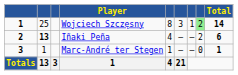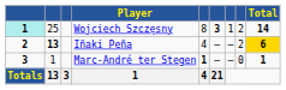 <table class="wikitable" style="text-align:center">
 <tr>
 <th style="background:#26559B;color:#FFF000;"></th>
 <th style="background:#26559B;color:#FFF000;"></th>
 <th style="background:#26559B;color:#FFF000;"></th>
 <th style="background:#26559B;color:#FFF000;">Player</th>
 <th style="background:#26559B;color:#FFF000;"></th>
 <th style="background:#26559B;color:#FFF000;"></th>
 <th style="background:#26559B;color:#FFF000;"></th>
 <th style="background:#26559B;color:#FFF000;"></th>
 <th style="background:#26559B;color:#FFF000;">Total</th>
 </tr>
 <tr>
-<td rowspan=1><strong>1</strong></td>
+<td rowspan=1 style="background: paleturquoise;"><strong>1</strong></td>
 <td>25</td>
 <td></td>
 <td style="text-align:left"><a href='#'>Wojciech Szczęsny</a></td>
 <td>8</td>
-<td>3</td>
+<td><strong>3</strong></td>
 <td>1</td>
-<td style="background: lightgreen;">2</td>
+<td>2</td>
 <td><strong>14</strong></td>
 </tr>
 <tr>
 <td rowspan=1><strong>2</strong></td>
 <td><strong>13</strong></td>
 <td></td>
 <td style="text-align:left"><a href='#'>Iñaki Peña</a></td>
 <td>4</td>
 <td>—</td>
 <td>—</td>
 <td>2</td>
-<td><strong>6</strong></td>
+<td style="background: gold;"><strong>6</strong></td>
 </tr>
 <tr>
 <td rowspan=1><strong>3</strong></td>
 <td>1</td>
 <td></td>
 <td style="text-align:left"><a href='#'>Marc-André ter Stegen</a></td>
-<td>1</td>
+<td><strong>1</strong></td>
 <td>—</td>
 <td>—</td>
 <td>0</td>
 <td><strong>1</strong></td>
 </tr>
 <tr>
 <th style="background:#26559B; color:#FFF000; ">Totals</th>
 <th>13</th>
 <th>3</th>
 <th>1</th>
 <th>4</th>
 <th>21</th>
 </tr>
 </table>
